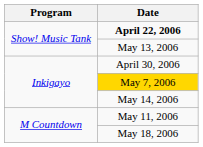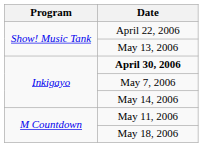 <table class="wikitable" style="text-align:center">
 <tr>
 <th width="130">Program</th>
 <th width="140">Date</th>
 </tr>
 <tr>
 <td rowspan="2"><em><a href='#'>Show! Music Tank</a></em></td>
-<td><strong>April 22, 2006</strong></td>
+<td>April 22, 2006</td>
 </tr>
 <tr>
 <td>May 13, 2006</td>
 </tr>
 <tr>
 <td rowspan="3"><em><a href='#'>Inkigayo</a></em></td>
-<td>April 30, 2006</td>
+<td><strong>April 30, 2006</strong></td>
 </tr>
 <tr>
-<td style="background: gold;">May 7, 2006</td>
+<td>May 7, 2006</td>
 </tr>
 <tr>
 <td>May 14, 2006</td>
 </tr>
 <tr>
 <td rowspan="2"><em><a href='#'>M Countdown</a></em></td>
 <td>May 11, 2006</td>
 </tr>
 <tr>
 <td>May 18, 2006</td>
 </tr>
 </table>
